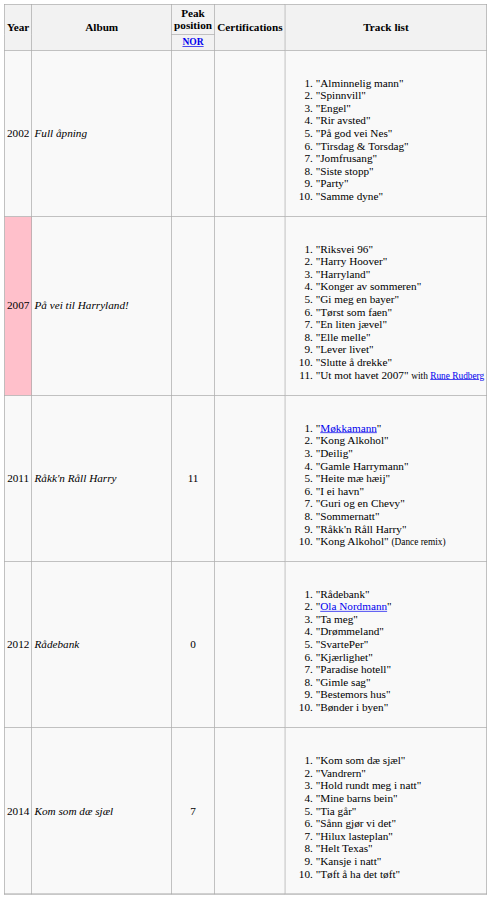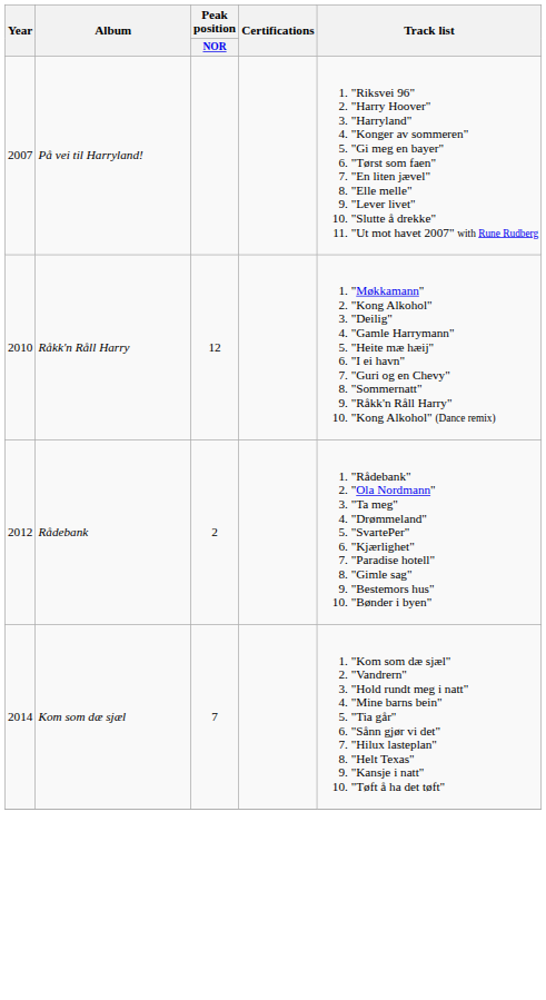 <table class="wikitable plainrowheaders" style="text-align:center;">
 <tr>
 <th scope="col" rowspan="2">Year</th>
 <th scope="col" rowspan="2" style="width:12em;">Album</th>
 <th scope="col">Peak position</th>
 <th scope="col" rowspan="2">Certifications</th>
 <th scope="col" rowspan="2">Track list</th>
 </tr>
 <tr>
 <th scope="col" style="width:3em;font-size:85%;"><a href='#'>NOR</a><br></th>
 </tr>
 <tr>
-<td>2002</td>
-<td style="text-align:left;"><em>Full åpning</em></td>
-<td></td>
-<td style="text-align:left;"></td>
-<td style="text-align:left;"><br><ol><li>"Alminnelig mann"</li><li>"Spinnvill"</li><li>"Engel"</li><li>"Rir avsted"</li><li>"På god vei Nes"</li><li>"Tirsdag & Torsdag"</li><li>"Jomfrusang"</li><li>"Siste stopp"</li><li>"Party"</li><li>"Samme dyne"</li></ol></td>
-</tr>
-<tr>
-<td style="background: pink;">2007</td>
+<td>2007</td>
 <td style="text-align:left;"><em>På vei til Harryland!</em></td>
 <td></td>
 <td style="text-align:left;"></td>
 <td style="text-align:left;"><br><ol><li>"Riksvei 96"</li><li>"Harry Hoover"</li><li>"Harryland"</li><li>"Konger av sommeren"</li><li>"Gi meg en bayer"</li><li>"Tørst som faen"</li><li>"En liten jævel"</li><li>"Elle melle"</li><li>"Lever livet"</li><li>"Slutte å drekke"</li><li>"Ut mot havet 2007" <small>with <a href='#'>Rune Rudberg</a></small></li></ol></td>
 </tr>
 <tr>
-<td>2011</td>
+<td>2010</td>
 <td style="text-align:left;"><em>Råkk'n Råll Harry</em></td>
-<td>11</td>
+<td>12</td>
 <td style="text-align:left;"></td>
 <td style="text-align:left;"><br><ol><li>"<a href='#'>Møkkamann</a>"</li><li>"Kong Alkohol"</li><li>"Deilig"</li><li>"Gamle Harrymann"</li><li>"Heite mæ hæij"</li><li>"I ei havn"</li><li>"Guri og en Chevy"</li><li>"Sommernatt"</li><li>"Råkk'n Råll Harry"</li><li>"Kong Alkohol" <small>(Dance remix)</small></li></ol></td>
 </tr>
 <tr>
 <td>2012</td>
 <td style="text-align:left;"><em>Rådebank</em></td>
-<td>0</td>
+<td>2</td>
 <td style="text-align:left;"></td>
 <td style="text-align:left;"><br><ol><li>"Rådebank"</li><li>"<a href='#'>Ola Nordmann</a>"</li><li>"Ta meg"</li><li>"Drømmeland"</li><li>"SvartePer"</li><li>"Kjærlighet"</li><li>"Paradise hotell"</li><li>"Gimle sag"</li><li>"Bestemors hus"</li><li>"Bønder i byen"</li></ol></td>
 </tr>
 <tr>
 <td>2014</td>
 <td style="text-align:left;"><em>Kom som dæ sjæl</em></td>
 <td>7</td>
 <td style="text-align:left;"></td>
 <td style="text-align:left;"><br><ol><li>"Kom som dæ sjæl"</li><li>"Vandrern"</li><li>"Hold rundt meg i natt"</li><li>"Mine barns bein"</li><li>"Tia går"</li><li>"Sånn gjør vi det"</li><li>"Hilux lasteplan"</li><li>"Helt Texas"</li><li>"Kansje i natt"</li><li>"Tøft å ha det tøft"</li></ol></td>
 </tr>
 <tr>
 </tr>
 </table>
